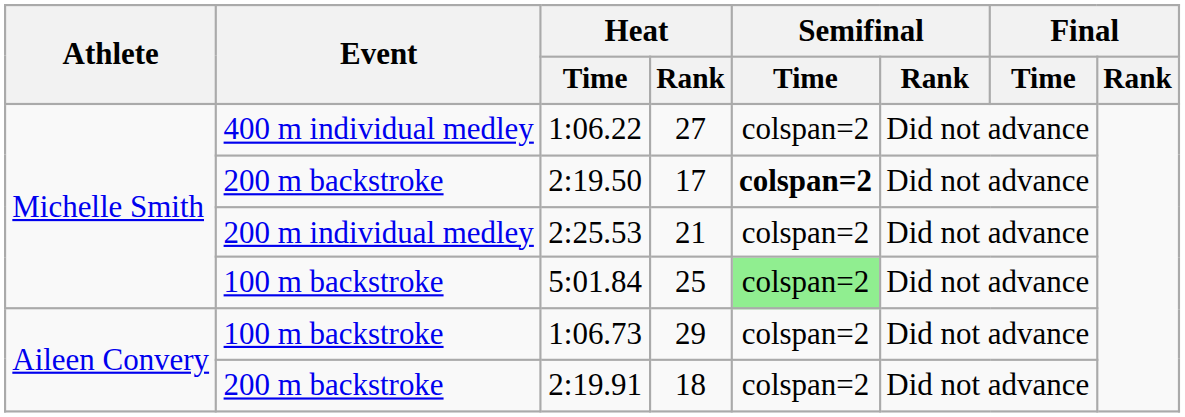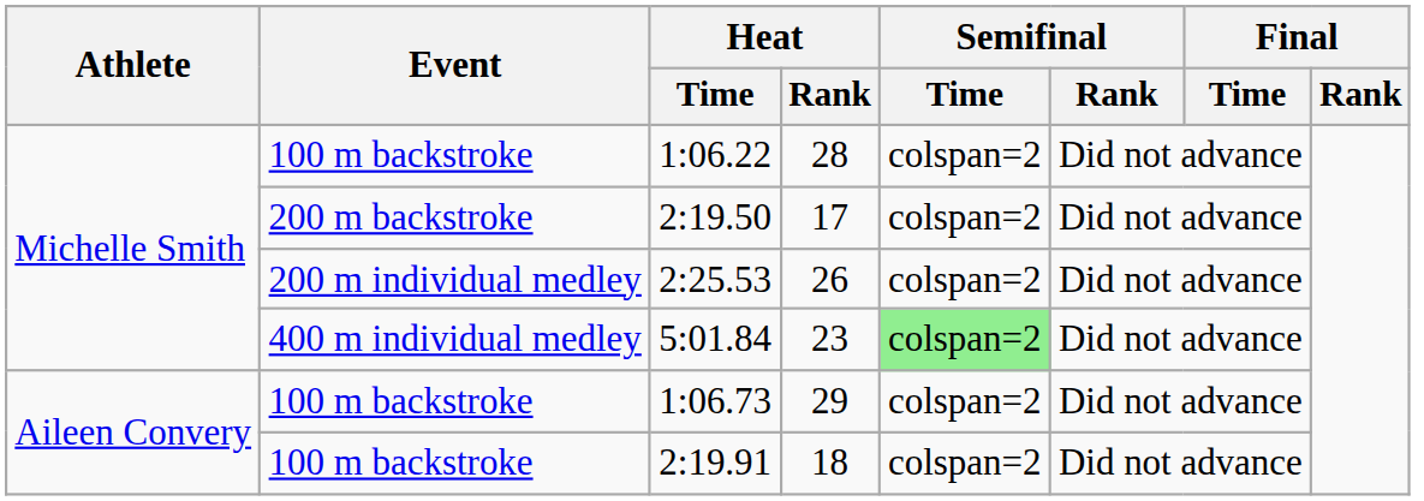 <table class=wikitable style="font-size:90%;">
 <tr>
 <th rowspan=2>Athlete</th>
 <th rowspan=2>Event</th>
 <th colspan=2>Heat</th>
 <th colspan=2>Semifinal</th>
 <th colspan=2>Final</th>
 </tr>
 <tr style="font-size:95%">
 <th>Time</th>
 <th>Rank</th>
 <th>Time</th>
 <th>Rank</th>
 <th>Time</th>
 <th>Rank</th>
 </tr>
 <tr align=center>
 <td rowspan=4 align=left><a href='#'>Michelle Smith</a></td>
-<td align=left><a href='#'>400 m individual medley</a></td>
+<td align=left><a href='#'>100 m backstroke</a></td>
 <td>1:06.22</td>
-<td>27</td>
+<td>28</td>
 <td>colspan=2 </td>
 <td colspan=2>Did not advance</td>
 </tr>
 <tr align=center>
 <td align=left><a href='#'>200 m backstroke</a></td>
 <td>2:19.50</td>
 <td>17</td>
-<td><strong>colspan=2 </strong></td>
+<td>colspan=2 </td>
 <td colspan=2>Did not advance</td>
 </tr>
 <tr align=center>
 <td align=left><a href='#'>200 m individual medley</a></td>
 <td>2:25.53</td>
-<td>21</td>
+<td>26</td>
 <td>colspan=2 </td>
 <td colspan=2>Did not advance</td>
 </tr>
 <tr align=center>
-<td align=left><a href='#'>100 m backstroke</a></td>
+<td align=left><a href='#'>400 m individual medley</a></td>
 <td>5:01.84</td>
-<td>25</td>
+<td>23</td>
 <td style="background: lightgreen;">colspan=2 </td>
 <td colspan=2>Did not advance</td>
 </tr>
 <tr align=center>
 <td rowspan=2 align=left><a href='#'>Aileen Convery</a></td>
 <td align=left><a href='#'>100 m backstroke</a></td>
 <td>1:06.73</td>
 <td>29</td>
 <td>colspan=2 </td>
 <td colspan=2>Did not advance</td>
 </tr>
 <tr align=center>
-<td align=left><a href='#'>200 m backstroke</a></td>
+<td align=left><a href='#'>100 m backstroke</a></td>
 <td>2:19.91</td>
 <td>18</td>
 <td>colspan=2 </td>
 <td colspan=2>Did not advance</td>
 </tr>
 </table>
